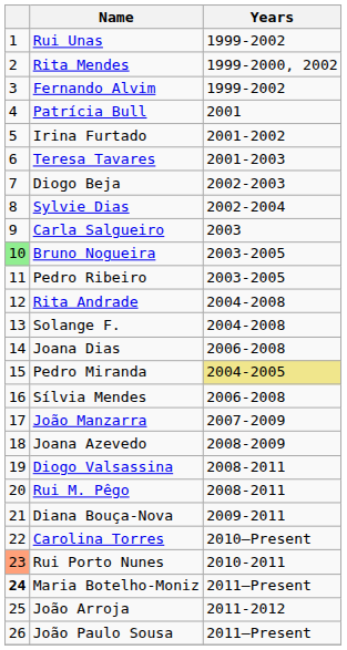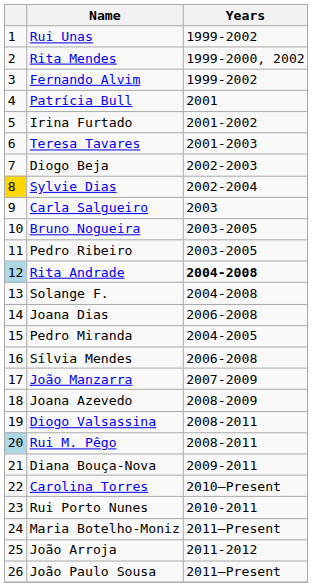 <table class="wikitable" style="text-align:left">
 <tr>
 <th></th>
 <th>Name</th>
 <th>Years</th>
 </tr>
 <tr>
 <td>1</td>
 <td><a href='#'>Rui Unas</a></td>
 <td>1999-2002</td>
 </tr>
 <tr>
 <td>2</td>
 <td><a href='#'>Rita Mendes</a></td>
 <td>1999-2000, 2002</td>
 </tr>
 <tr>
 <td>3</td>
 <td><a href='#'>Fernando Alvim</a></td>
 <td>1999-2002</td>
 </tr>
 <tr>
 <td>4</td>
 <td><a href='#'>Patrícia Bull</a></td>
 <td>2001</td>
 </tr>
 <tr>
 <td>5</td>
 <td>Irina Furtado</td>
 <td>2001-2002</td>
 </tr>
 <tr>
 <td>6</td>
 <td><a href='#'>Teresa Tavares</a></td>
 <td>2001-2003</td>
 </tr>
 <tr>
 <td>7</td>
 <td>Diogo Beja</td>
 <td>2002-2003</td>
 </tr>
 <tr>
-<td>8</td>
+<td style="background: gold;">8</td>
 <td><a href='#'>Sylvie Dias</a></td>
 <td>2002-2004</td>
 </tr>
 <tr>
 <td>9</td>
 <td><a href='#'>Carla Salgueiro</a></td>
 <td>2003</td>
 </tr>
 <tr>
-<td style="background: lightgreen;">10</td>
+<td>10</td>
 <td><a href='#'>Bruno Nogueira</a></td>
 <td>2003-2005</td>
 </tr>
 <tr>
 <td>11</td>
 <td>Pedro Ribeiro</td>
 <td>2003-2005</td>
 </tr>
 <tr>
-<td>12</td>
+<td style="background: lightblue;">12</td>
 <td><a href='#'>Rita Andrade</a></td>
-<td>2004-2008</td>
+<td><strong>2004-2008</strong></td>
 </tr>
 <tr>
 <td>13</td>
 <td>Solange F.</td>
 <td>2004-2008</td>
 </tr>
 <tr>
 <td>14</td>
 <td>Joana Dias</td>
 <td>2006-2008</td>
 </tr>
 <tr>
 <td>15</td>
 <td>Pedro Miranda</td>
-<td style="background: khaki;">2004-2005</td>
+<td>2004-2005</td>
 </tr>
 <tr>
 <td>16</td>
 <td>Sílvia Mendes</td>
 <td>2006-2008</td>
 </tr>
 <tr>
 <td>17</td>
 <td><a href='#'>João Manzarra</a></td>
 <td>2007-2009</td>
 </tr>
 <tr>
 <td>18</td>
 <td>Joana Azevedo</td>
 <td>2008-2009</td>
 </tr>
 <tr>
 <td>19</td>
 <td><a href='#'>Diogo Valsassina</a></td>
 <td>2008-2011</td>
 </tr>
 <tr>
-<td>20</td>
+<td style="background: lightblue;">20</td>
 <td><a href='#'>Rui M. Pêgo</a></td>
 <td>2008-2011</td>
 </tr>
 <tr>
 <td>21</td>
 <td>Diana Bouça-Nova</td>
 <td>2009-2011</td>
 </tr>
 <tr>
 <td>22</td>
 <td><a href='#'>Carolina Torres</a></td>
 <td>2010–Present</td>
 </tr>
 <tr>
-<td style="background: lightsalmon;">23</td>
+<td>23</td>
 <td>Rui Porto Nunes</td>
 <td>2010-2011</td>
 </tr>
 <tr>
-<td><strong>24</strong></td>
+<td>24</td>
 <td>Maria Botelho-Moniz</td>
 <td>2011–Present</td>
 </tr>
 <tr>
 <td>25</td>
 <td>João Arroja</td>
 <td>2011-2012</td>
 </tr>
 <tr>
 <td>26</td>
 <td>João Paulo Sousa</td>
 <td>2011–Present</td>
 </tr>
 <tr>
 </tr>
 </table>
